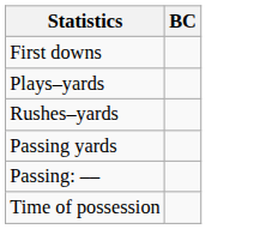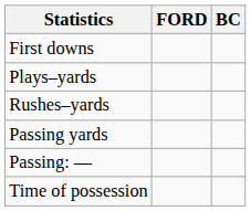 <table class="wikitable" style="float:left">
 <tr>
 <th>Statistics</th>
+<th>FORD</th>
 <th>BC</th>
 </tr>
 <tr>
 <td>First downs</td>
 <td></td>
+<td></td>
 </tr>
 <tr>
 <td>Plays–yards</td>
+<td></td>
 <td></td>
 </tr>
 <tr>
 <td>Rushes–yards</td>
 <td></td>
+<td></td>
 </tr>
 <tr>
 <td>Passing yards</td>
+<td></td>
 <td></td>
 </tr>
 <tr>
 <td>Passing: ––</td>
 <td></td>
+<td></td>
 </tr>
 <tr>
 <td>Time of possession</td>
 <td></td>
+<td></td>
 </tr>
 </table>
